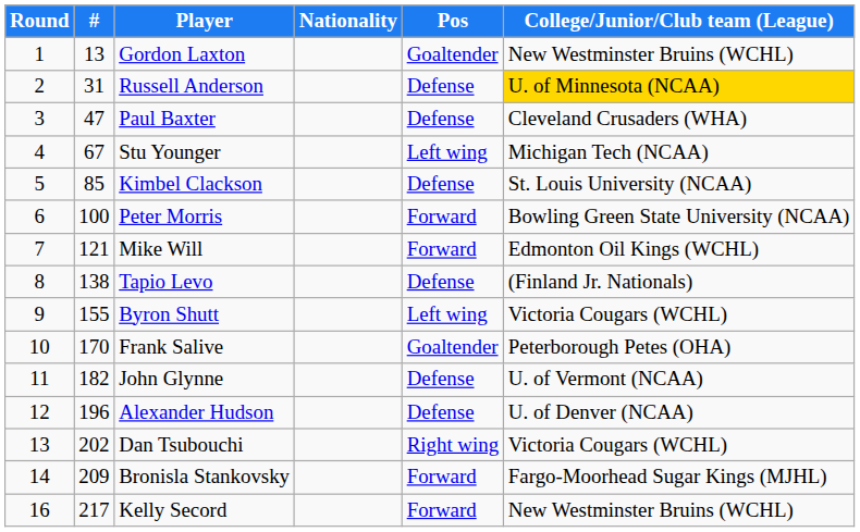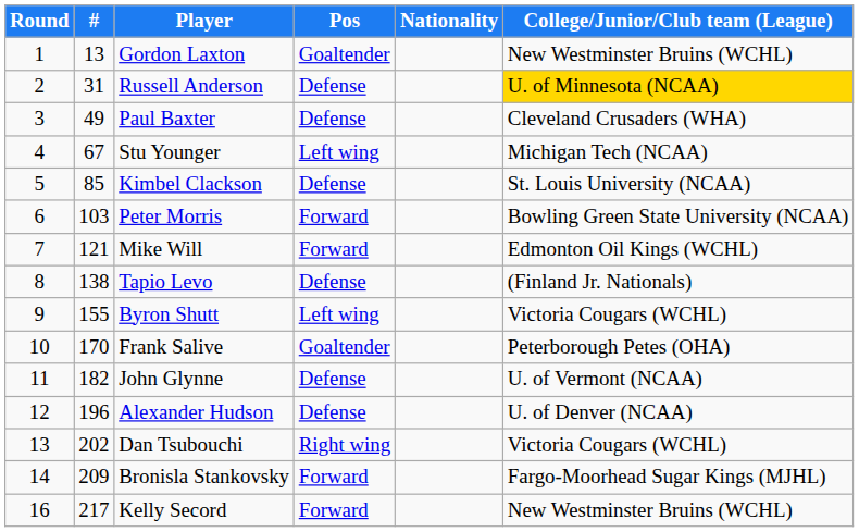 <table class="wikitable">
 <tr>
 <th style="color:white; background:#1D7CF2; ">Round</th>
 <th style="color:white; background:#1D7CF2; ">#</th>
 <th style="color:white; background:#1D7CF2; ">Player</th>
+<th style="color:white; background:#1D7CF2; ">Pos</th>
 <th style="color:white; background:#1D7CF2; ">Nationality</th>
-<th style="color:white; background:#1D7CF2; ">Pos</th>
 <th style="color:white; background:#1D7CF2; ">College/Junior/Club team (League)</th>
 </tr>
 <tr>
 <td align=center>1</td>
 <td align=center>13</td>
 <td><a href='#'>Gordon Laxton</a></td>
+<td><a href='#'>Goaltender</a></td>
 <td></td>
-<td><a href='#'>Goaltender</a></td>
 <td>New Westminster Bruins (WCHL)</td>
 </tr>
 <tr>
 <td align=center>2</td>
 <td align=center>31</td>
 <td><a href='#'>Russell Anderson</a></td>
+<td><a href='#'>Defense</a></td>
 <td></td>
-<td><a href='#'>Defense</a></td>
 <td style="background: gold;">U. of Minnesota (NCAA)</td>
 </tr>
 <tr>
 <td align=center>3</td>
-<td align=center>47</td>
+<td align=center>49</td>
 <td><a href='#'>Paul Baxter</a></td>
+<td><a href='#'>Defense</a></td>
 <td></td>
-<td><a href='#'>Defense</a></td>
 <td>Cleveland Crusaders (WHA)</td>
 </tr>
 <tr>
 <td align=center>4</td>
 <td align=center>67</td>
 <td>Stu Younger</td>
+<td><a href='#'>Left wing</a></td>
 <td></td>
-<td><a href='#'>Left wing</a></td>
 <td>Michigan Tech (NCAA)</td>
 </tr>
 <tr>
 <td align=center>5</td>
 <td align=center>85</td>
 <td><a href='#'>Kimbel Clackson</a></td>
+<td><a href='#'>Defense</a></td>
 <td></td>
-<td><a href='#'>Defense</a></td>
 <td>St. Louis University (NCAA)</td>
 </tr>
 <tr>
 <td align=center>6</td>
-<td align=center>100</td>
+<td align=center>103</td>
 <td><a href='#'>Peter Morris</a></td>
+<td><a href='#'>Forward</a></td>
 <td></td>
-<td><a href='#'>Forward</a></td>
 <td>Bowling Green State University (NCAA)</td>
 </tr>
 <tr>
 <td align=center>7</td>
 <td align=center>121</td>
 <td>Mike Will</td>
+<td><a href='#'>Forward</a></td>
 <td></td>
-<td><a href='#'>Forward</a></td>
 <td>Edmonton Oil Kings (WCHL)</td>
 </tr>
 <tr>
 <td align=center>8</td>
 <td align=center>138</td>
 <td><a href='#'>Tapio Levo</a></td>
+<td><a href='#'>Defense</a></td>
 <td></td>
-<td><a href='#'>Defense</a></td>
 <td>(Finland Jr. Nationals)</td>
 </tr>
 <tr>
 <td align=center>9</td>
 <td align=center>155</td>
 <td><a href='#'>Byron Shutt</a></td>
+<td><a href='#'>Left wing</a></td>
 <td></td>
-<td><a href='#'>Left wing</a></td>
 <td>Victoria Cougars (WCHL)</td>
 </tr>
 <tr>
 <td align=center>10</td>
 <td align=center>170</td>
 <td>Frank Salive</td>
+<td><a href='#'>Goaltender</a></td>
 <td></td>
-<td><a href='#'>Goaltender</a></td>
 <td>Peterborough Petes (OHA)</td>
 </tr>
 <tr>
 <td align=center>11</td>
 <td align=center>182</td>
 <td>John Glynne</td>
+<td><a href='#'>Defense</a></td>
 <td></td>
-<td><a href='#'>Defense</a></td>
 <td>U. of Vermont (NCAA)</td>
 </tr>
 <tr>
 <td align=center>12</td>
 <td align=center>196</td>
 <td><a href='#'>Alexander Hudson</a></td>
+<td><a href='#'>Defense</a></td>
 <td></td>
-<td><a href='#'>Defense</a></td>
 <td>U. of Denver (NCAA)</td>
 </tr>
 <tr>
 <td align=center>13</td>
 <td align=center>202</td>
 <td>Dan Tsubouchi</td>
+<td><a href='#'>Right wing</a></td>
 <td></td>
-<td><a href='#'>Right wing</a></td>
 <td>Victoria Cougars (WCHL)</td>
 </tr>
 <tr>
 <td align=center>14</td>
 <td align=center>209</td>
 <td>Bronisla Stankovsky</td>
+<td><a href='#'>Forward</a></td>
 <td></td>
-<td><a href='#'>Forward</a></td>
 <td>Fargo-Moorhead Sugar Kings (MJHL)</td>
 </tr>
 <tr>
 <td align=center>16</td>
 <td align=center>217</td>
 <td>Kelly Secord</td>
+<td><a href='#'>Forward</a></td>
 <td></td>
-<td><a href='#'>Forward</a></td>
 <td>New Westminster Bruins (WCHL)</td>
 </tr>
 </table>
